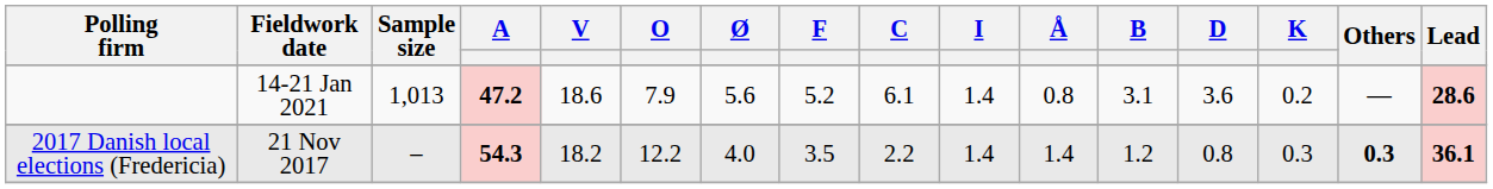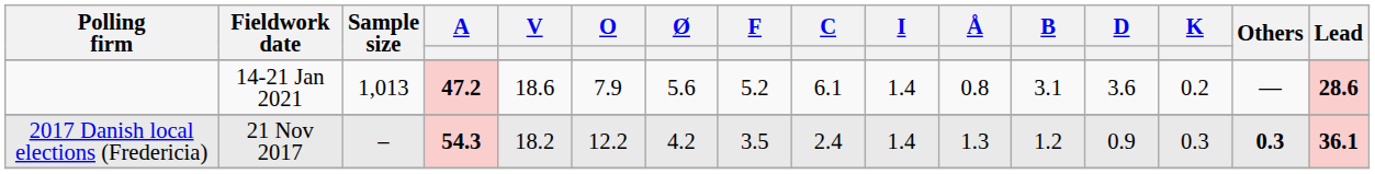 <table class="wikitable sortable mw-datatable" style="text-align:center;font-size:90%;line-height:14px;">
 <tr>
 <th rowspan="2">Polling<br>firm</th>
 <th rowspan="2">Fieldwork<br>date</th>
 <th rowspan="2">Sample<br>size</th>
 <th class="unsortable" style="width:40px;"><a href='#'>A</a></th>
 <th class="unsortable" style="width:40px;"><a href='#'>V</a></th>
 <th class="unsortable" style="width:40px;"><a href='#'>O</a></th>
 <th class="unsortable" style="width:40px;"><a href='#'>Ø</a></th>
 <th class="unsortable" style="width:40px;"><a href='#'>F</a></th>
 <th class="unsortable" style="width:40px;"><a href='#'>C</a></th>
 <th class="unsortable" style="width:40px;"><a href='#'>I</a></th>
 <th class="unsortable" style="width:40px;"><a href='#'>Å</a></th>
 <th class="unsortable" style="width:40px;"><a href='#'>B</a></th>
 <th class="unsortable" style="width:40px;"><a href='#'>D</a></th>
 <th class="unsortable" style="width:40px;"><a href='#'>K</a></th>
 <th class="unsortable" style="width:40px;" rowspan="2">Others</th>
 <th rowspan="2">Lead</th>
 </tr>
 <tr>
 <th data-sort-type="number" style="background:"></th>
 <th data-sort-type="number" style="background:"></th>
 <th data-sort-type="number" style="background:"></th>
 <th data-sort-type="number" style="background:"></th>
 <th data-sort-type="number" style="background:"></th>
 <th data-sort-type="number" style="background:"></th>
 <th data-sort-type="number" style="background:"></th>
 <th data-sort-type="number" style="background:"></th>
 <th data-sort-type="number" style="background:"></th>
 <th data-sort-type="number" style="background:"></th>
 <th data-sort-type="number" style="background:"></th>
 </tr>
 <tr>
 </tr>
 <tr>
 <td></td>
 <td>14-21 Jan 2021</td>
 <td>1,013</td>
 <td style="background:#FACECD;"><strong>47.2</strong></td>
 <td>18.6</td>
 <td>7.9</td>
 <td>5.6</td>
 <td>5.2</td>
 <td>6.1</td>
 <td>1.4</td>
 <td>0.8</td>
 <td>3.1</td>
 <td>3.6</td>
 <td>0.2</td>
 <td>—</td>
 <td style="background:#FACECD;"><strong>28.6</strong></td>
 </tr>
 <tr>
 </tr>
 <tr>
 <td style="background:#E9E9E9;"><a href='#'>2017 Danish local elections</a> (Fredericia)</td>
 <td style="background:#E9E9E9;" data-sort-value="2017-11-21">21 Nov 2017</td>
 <td style="background:#E9E9E9;">–</td>
 <td style="background:#FACECD;"><strong>54.3</strong></td>
 <td style="background:#E9E9E9;">18.2</td>
 <td style="background:#E9E9E9;">12.2</td>
-<td style="background:#E9E9E9;">4.0</td>
+<td style="background:#E9E9E9;">4.2</td>
 <td style="background:#E9E9E9;">3.5</td>
-<td style="background:#E9E9E9;">2.2</td>
+<td style="background:#E9E9E9;">2.4</td>
 <td style="background:#E9E9E9;">1.4</td>
-<td style="background:#E9E9E9;">1.4</td>
+<td style="background:#E9E9E9;">1.3</td>
 <td style="background:#E9E9E9;">1.2</td>
-<td style="background:#E9E9E9;">0.8</td>
+<td style="background:#E9E9E9;">0.9</td>
 <td style="background:#E9E9E9;">0.3</td>
 <td style="background:#E9E9E9;"><strong>0.3</strong></td>
 <td style="background:#FACECD;"><strong>36.1</strong></td>
 </tr>
 <tr>
 </tr>
 </table>
